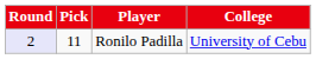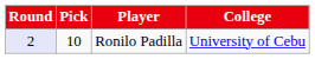 <table class="wikitable sortable sortable">
 <tr>
 <th style="background:#E8000F; color:#FFFFFF; ">Round</th>
 <th style="background:#E8000F; color:#FFFFFF; ">Pick</th>
 <th style="background:#E8000F; color:#FFFFFF; ">Player</th>
 <th style="background:#E8000F; color:#FFFFFF; ">College</th>
 </tr>
 <tr style="text-align: center">
 <td align="center" style="background: lavender;">2</td>
-<td align="center">11</td>
+<td align="center">10</td>
 <td>Ronilo Padilla</td>
 <td><a href='#'>University of Cebu</a></td>
 </tr>
 </table>
